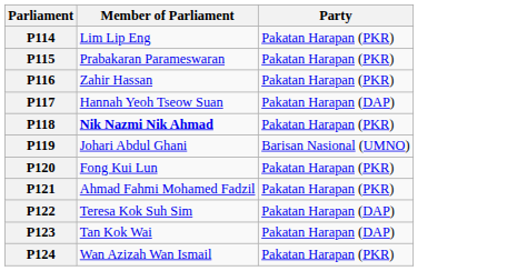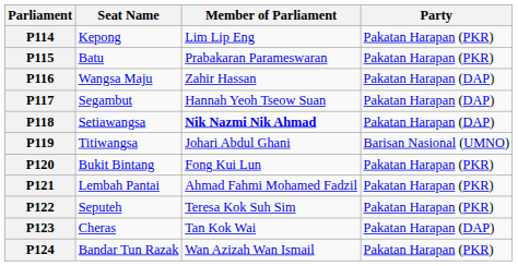 <table class="wikitable sortable">
 <tr>
 <th>Parliament</th>
+<th>Seat Name</th>
 <th>Member of Parliament</th>
 <th>Party</th>
 </tr>
 <tr>
 <th>P114</th>
+<td><a href='#'>Kepong</a></td>
 <td><a href='#'>Lim Lip Eng</a></td>
 <td><a href='#'>Pakatan Harapan</a> (<a href='#'>PKR</a>)</td>
 </tr>
 <tr>
 <th>P115</th>
+<td><a href='#'>Batu</a></td>
 <td><a href='#'>Prabakaran Parameswaran</a></td>
 <td><a href='#'>Pakatan Harapan</a> (<a href='#'>PKR</a>)</td>
 </tr>
 <tr>
 <th>P116</th>
+<td><a href='#'>Wangsa Maju</a></td>
 <td><a href='#'>Zahir Hassan</a></td>
-<td><a href='#'>Pakatan Harapan</a> (<a href='#'>PKR</a>)</td>
+<td><a href='#'>Pakatan Harapan</a> (<a href='#'>DAP</a>)</td>
 </tr>
 <tr>
 <th>P117</th>
+<td><a href='#'>Segambut</a></td>
 <td><a href='#'>Hannah Yeoh Tseow Suan</a></td>
 <td><a href='#'>Pakatan Harapan</a> (<a href='#'>DAP</a>)</td>
 </tr>
 <tr>
 <th>P118</th>
+<td><a href='#'>Setiawangsa</a></td>
 <td><strong><a href='#'>Nik Nazmi Nik Ahmad</a></strong></td>
-<td><a href='#'>Pakatan Harapan</a> (<a href='#'>PKR</a>)</td>
+<td><a href='#'>Pakatan Harapan</a> (<a href='#'>DAP</a>)</td>
 </tr>
 <tr>
 <th>P119</th>
+<td><a href='#'>Titiwangsa</a></td>
 <td><a href='#'>Johari Abdul Ghani</a></td>
 <td><a href='#'>Barisan Nasional</a> (<a href='#'>UMNO</a>)</td>
 </tr>
 <tr>
 <th>P120</th>
+<td><a href='#'>Bukit Bintang</a></td>
 <td><a href='#'>Fong Kui Lun</a></td>
 <td><a href='#'>Pakatan Harapan</a> (<a href='#'>PKR</a>)</td>
 </tr>
 <tr>
 <th>P121</th>
+<td><a href='#'>Lembah Pantai</a></td>
 <td><a href='#'>Ahmad Fahmi Mohamed Fadzil</a></td>
 <td><a href='#'>Pakatan Harapan</a> (<a href='#'>PKR</a>)</td>
 </tr>
 <tr>
 <th>P122</th>
+<td><a href='#'>Seputeh</a></td>
 <td><a href='#'>Teresa Kok Suh Sim</a></td>
-<td><a href='#'>Pakatan Harapan</a> (<a href='#'>DAP</a>)</td>
+<td><a href='#'>Pakatan Harapan</a> (<a href='#'>PKR</a>)</td>
 </tr>
 <tr>
 <th>P123</th>
+<td><a href='#'>Cheras</a></td>
 <td><a href='#'>Tan Kok Wai</a></td>
 <td><a href='#'>Pakatan Harapan</a> (<a href='#'>DAP</a>)</td>
 </tr>
 <tr>
 <th>P124</th>
+<td><a href='#'>Bandar Tun Razak</a></td>
 <td><a href='#'>Wan Azizah Wan Ismail</a></td>
 <td><a href='#'>Pakatan Harapan</a> (<a href='#'>PKR</a>)</td>
 </tr>
 </table>
